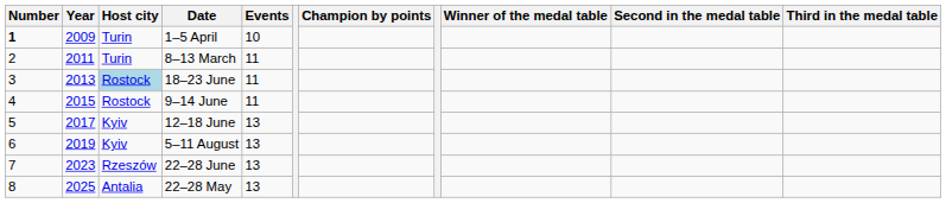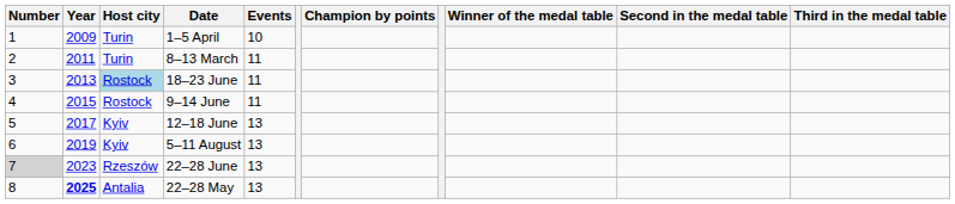 <table class="wikitable">
 <tr>
 <th>Number</th>
 <th>Year</th>
 <th>Host city</th>
 <th>Date</th>
 <th>Events</th>
 <th rowspan=9></th>
 <th>Champion by points</th>
 <th rowspan=9></th>
 <th>Winner of the medal table</th>
 <th>Second in the medal table</th>
 <th>Third in the medal table</th>
 </tr>
 <tr>
-<td><strong>1</strong></td>
+<td>1</td>
 <td><a href='#'>2009</a></td>
 <td> <a href='#'>Turin</a></td>
 <td>1–5 April</td>
 <td>10</td>
 <td></td>
 <td></td>
 <td></td>
 <td></td>
 </tr>
 <tr>
 <td>2</td>
 <td><a href='#'>2011</a></td>
 <td> <a href='#'>Turin</a></td>
 <td>8–13 March</td>
 <td>11</td>
 <td></td>
 <td></td>
 <td></td>
 <td></td>
 </tr>
 <tr>
 <td>3</td>
 <td><a href='#'>2013</a></td>
 <td style="background: lightblue;"> <a href='#'>Rostock</a></td>
 <td>18–23 June</td>
 <td>11</td>
 <td></td>
 <td></td>
 <td></td>
 <td></td>
 </tr>
 <tr>
 <td>4</td>
 <td><a href='#'>2015</a></td>
 <td> <a href='#'>Rostock</a></td>
 <td>9–14 June</td>
 <td>11</td>
 <td></td>
 <td></td>
 <td></td>
 <td></td>
 </tr>
 <tr>
 <td>5</td>
 <td><a href='#'>2017</a></td>
 <td> <a href='#'>Kyiv</a></td>
 <td>12–18 June</td>
 <td>13</td>
 <td></td>
 <td></td>
 <td></td>
 <td></td>
 </tr>
 <tr>
 <td>6</td>
 <td><a href='#'>2019</a></td>
 <td> <a href='#'>Kyiv</a></td>
 <td>5–11 August</td>
 <td>13</td>
 <td></td>
 <td></td>
 <td></td>
 <td></td>
 </tr>
 <tr>
-<td>7</td>
+<td style="background: lightgrey;">7</td>
 <td><a href='#'>2023</a></td>
 <td> <a href='#'>Rzeszów</a></td>
 <td>22–28 June</td>
 <td>13</td>
 <td></td>
 <td></td>
 <td></td>
 <td></td>
 </tr>
 <tr>
 <td>8</td>
-<td><a href='#'>2025</a></td>
+<td><strong><a href='#'>2025</a></strong></td>
 <td> <a href='#'>Antalia</a></td>
 <td>22–28 May</td>
 <td>13</td>
 <td></td>
 <td></td>
 <td></td>
 <td></td>
 </tr>
 </table>
